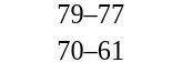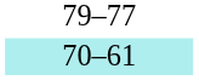 <table style="text-align:center">
 <tr>
 <th width=200></th>
 <th width=100></th>
 <th width=200></th>
 <th></th>
 </tr>
 <tr>
 <td align=right><strong></strong></td>
 <td>79–77</td>
 <td align=left></td>
 </tr>
 <tr>
 <td align=right><strong></strong></td>
-<td>70–61</td>
+<td style="background: paleturquoise;">70–61</td>
 <td align=left></td>
 </tr>
 </table>
